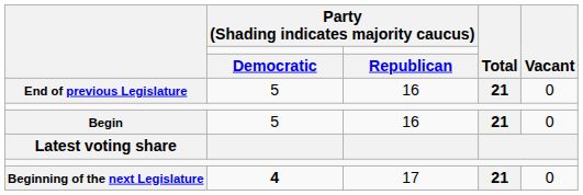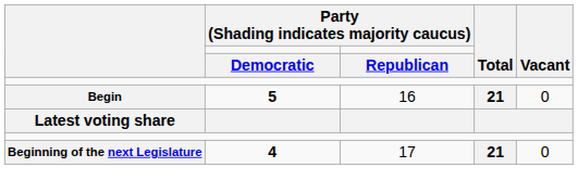 <table class=wikitable style="text-align:center">
 <tr style="vertical-align:bottom;">
 <th rowspan=3></th>
 <th colspan=2>Party <div>(Shading indicates majority caucus)</div></th>
 <th rowspan=3>Total</th>
 <th rowspan=3>Vacant</th>
 </tr>
 <tr style="height:5px">
 <td style="background-color:"></td>
 <td style="background-color:"></td>
 </tr>
 <tr>
 <th><a href='#'>Democratic</a></th>
 <th><a href='#'>Republican</a></th>
 </tr>
 <tr>
-<th style="white-space:nowrap; font-size:80%;">End of <a href='#'>previous Legislature</a></th>
-<td>5</td>
-<td>16</td>
-<th>21</th>
-<td>0</td>
-</tr>
-<tr>
 <td colspan=5></td>
 </tr>
 <tr>
 <th style="font-size:80%">Begin</th>
-<td>5</td>
+<td><strong>5</strong></td>
 <td>16</td>
 <th>21</th>
 <td>0</td>
 </tr>
 <tr>
 <th>Latest voting share</th>
 <th></th>
 <th></th>
 <th colspan=2></th>
 </tr>
 <tr>
 <td colspan=5></td>
 </tr>
 <tr>
 <th style="white-space:nowrap; font-size:80%;">Beginning of the <a href='#'>next Legislature</a></th>
 <td><strong>4</strong></td>
 <td>17</td>
 <th>21</th>
 <td>0</td>
 </tr>
 </table>
